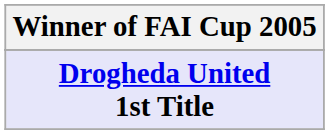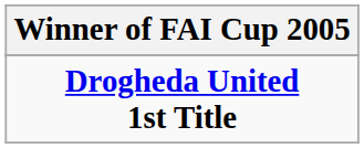 <table class="wikitable" style="text-align: center; margin: 0 auto;">
 <tr>
 <th>Winner of FAI Cup 2005</th>
 </tr>
 <tr>
 </tr>
 <tr>
-<td style="background: lavender;"><strong><a href='#'>Drogheda United</a></strong><br><strong>1st Title</strong></td>
+<td><strong><a href='#'>Drogheda United</a></strong><br><strong>1st Title</strong></td>
 </tr>
 </table>
